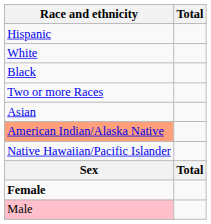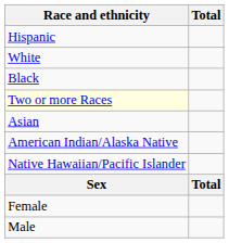 <table class="wikitable floatright sortable collapsible"; text-align:right; font-size:80%;">
 <tr>
 <th>Race and ethnicity</th>
 <th colspan="2" data-sort-type=number>Total</th>
 </tr>
 <tr>
 <td><a href='#'>Hispanic</a></td>
 <td align=right></td>
 </tr>
 <tr>
 <td><a href='#'>White</a></td>
 <td align=right></td>
 </tr>
 <tr>
 <td><a href='#'>Black</a></td>
 <td align=right></td>
 </tr>
 <tr>
-<td><a href='#'>Two or more Races</a></td>
+<td style="background: lightyellow;"><a href='#'>Two or more Races</a></td>
 <td align=right></td>
 </tr>
 <tr>
 <td><a href='#'>Asian</a></td>
 <td align=right></td>
 </tr>
 <tr>
-<td style="background: lightsalmon;"><a href='#'>American Indian/Alaska Native</a></td>
+<td><a href='#'>American Indian/Alaska Native</a></td>
 <td align=right></td>
 </tr>
 <tr>
 <td><a href='#'>Native Hawaiian/Pacific Islander</a></td>
 <td align=right></td>
 </tr>
 <tr>
 <th>Sex</th>
 <th colspan="2" data-sort-type=number>Total</th>
 </tr>
 <tr>
-<td><strong>Female</strong></td>
+<td>Female</td>
 <td align=right></td>
 </tr>
 <tr>
-<td style="background: pink;">Male</td>
+<td>Male</td>
 <td align=right></td>
 </tr>
 </table>
